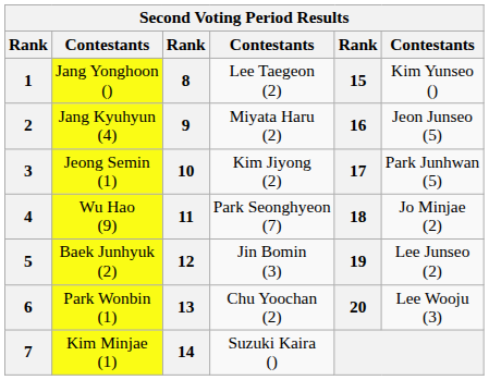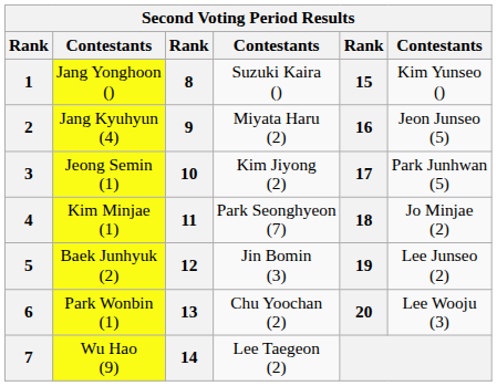 <table class="wikitable mw-collapsible mw-collapsed" style="text-align:center">
 <tr>
 <th colspan="6">Second Voting Period Results</th>
 </tr>
 <tr>
 <th scope="col">Rank</th>
 <th scope="col">Contestants</th>
 <th>Rank</th>
 <th>Contestants</th>
 <th>Rank</th>
 <th>Contestants</th>
 </tr>
 <tr>
 <th scope="row">1</th>
 <td style="background:#fafc15">Jang Yonghoon<br>()</td>
 <th>8</th>
-<td>Lee Taegeon<br>(2)</td>
+<td>Suzuki Kaira<br>()</td>
 <th>15</th>
 <td>Kim Yunseo<br>()</td>
 </tr>
 <tr>
 <th>2</th>
 <td style="background:#fafc15">Jang Kyuhyun<br>(4)</td>
 <th>9</th>
 <td>Miyata Haru<br>(2)</td>
 <th>16</th>
 <td>Jeon Junseo<br>(5)</td>
 </tr>
 <tr>
 <th>3</th>
 <td style="background:#fafc15">Jeong Semin<br>(1)</td>
 <th>10</th>
 <td>Kim Jiyong<br>(2)</td>
 <th>17</th>
 <td>Park Junhwan<br>(5)</td>
 </tr>
 <tr>
 <th>4</th>
-<td style="background:#fafc15">Wu Hao<br>(9)</td>
+<td style="background:#fafc15">Kim Minjae<br>(1)</td>
 <th>11</th>
 <td>Park Seonghyeon<br>(7)</td>
 <th>18</th>
 <td>Jo Minjae<br>(2)</td>
 </tr>
 <tr>
 <th>5</th>
 <td style="background:#fafc15">Baek Junhyuk<br>(2)</td>
 <th>12</th>
 <td>Jin Bomin<br>(3)</td>
 <th>19</th>
 <td>Lee Junseo<br>(2)</td>
 </tr>
 <tr>
 <th>6</th>
 <td style="background:#fafc15">Park Wonbin<br>(1)</td>
 <th>13</th>
 <td>Chu Yoochan<br>(2)</td>
 <th>20</th>
 <td>Lee Wooju<br>(3)</td>
 </tr>
 <tr>
 <th>7</th>
-<td style="background:#fafc15">Kim Minjae<br>(1)</td>
+<td style="background:#fafc15">Wu Hao<br>(9)</td>
 <th>14</th>
-<td>Suzuki Kaira<br>()</td>
+<td>Lee Taegeon<br>(2)</td>
 <th colspan="2"></th>
 </tr>
 </table>
